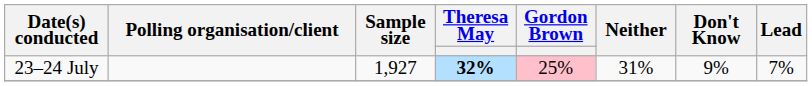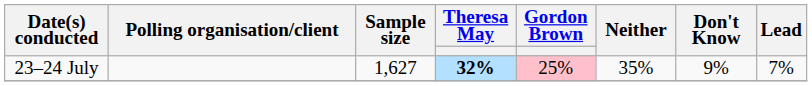 <table class="wikitable collapsible sortable" style="text-align:center;font-size:100%;line-height:14px">
 <tr valign= center>
 <th style="width:80px;" rowspan="2">Date(s)<br>conducted</th>
 <th style="width:200px;" rowspan="2">Polling organisation/client</th>
 <th style="width:60px;" rowspan="2">Sample size</th>
 <th style="width:60px;" class="unsortable"><a href='#'>Theresa May</a></th>
 <th style="width:60px;" class="unsortable"><a href='#'>Gordon Brown</a></th>
 <th style="width:60px;" rowspan="2" class="unsortable">Neither</th>
 <th style="width:60px;" rowspan="2" class="unsortable">Don't <br> Know</th>
 <th class="unsortable" style="width:20px;" rowspan="2">Lead</th>
 </tr>
 <tr>
 <th class="unsortable" style="color:inherit;background:"></th>
 <th class="unsortable" style="color:inherit;background:"></th>
 </tr>
 <tr>
 <td rowspan=1>23–24 July</td>
 <td rowspan=1></td>
-<td rowspan=1>1,927</td>
+<td rowspan=1>1,627</td>
 <td style="background:#B3E0FF"><strong>32%</strong></td>
 <td style="background: pink;">25%</td>
-<td>31%</td>
+<td>35%</td>
 <td>9%</td>
 <td style="background:">7%</td>
 </tr>
 <tr>
 </tr>
 </table>
